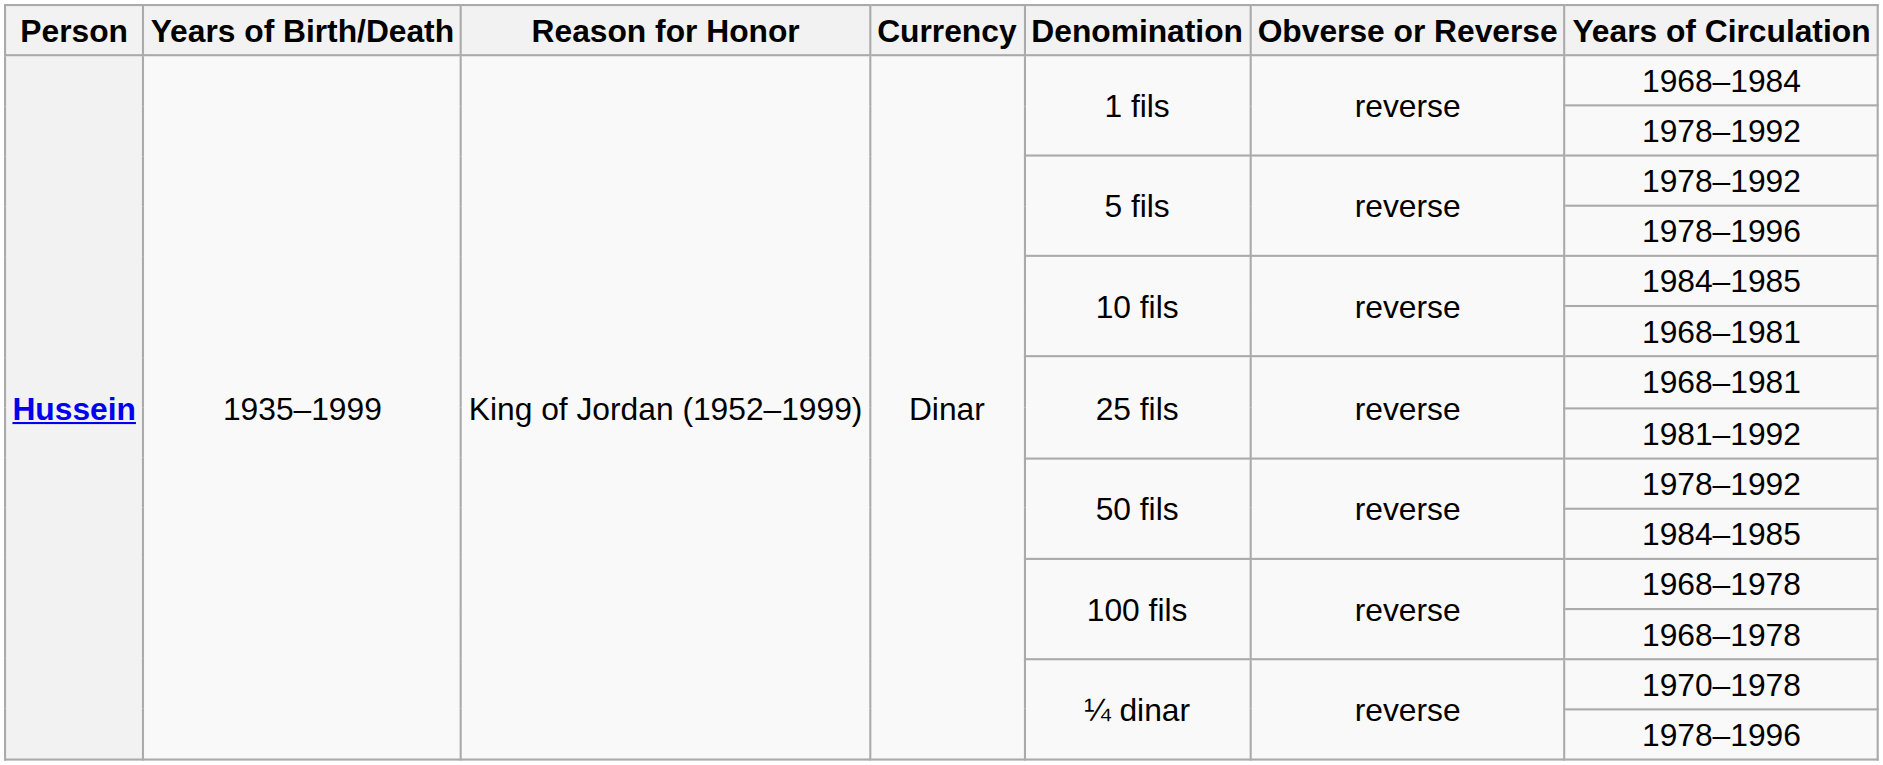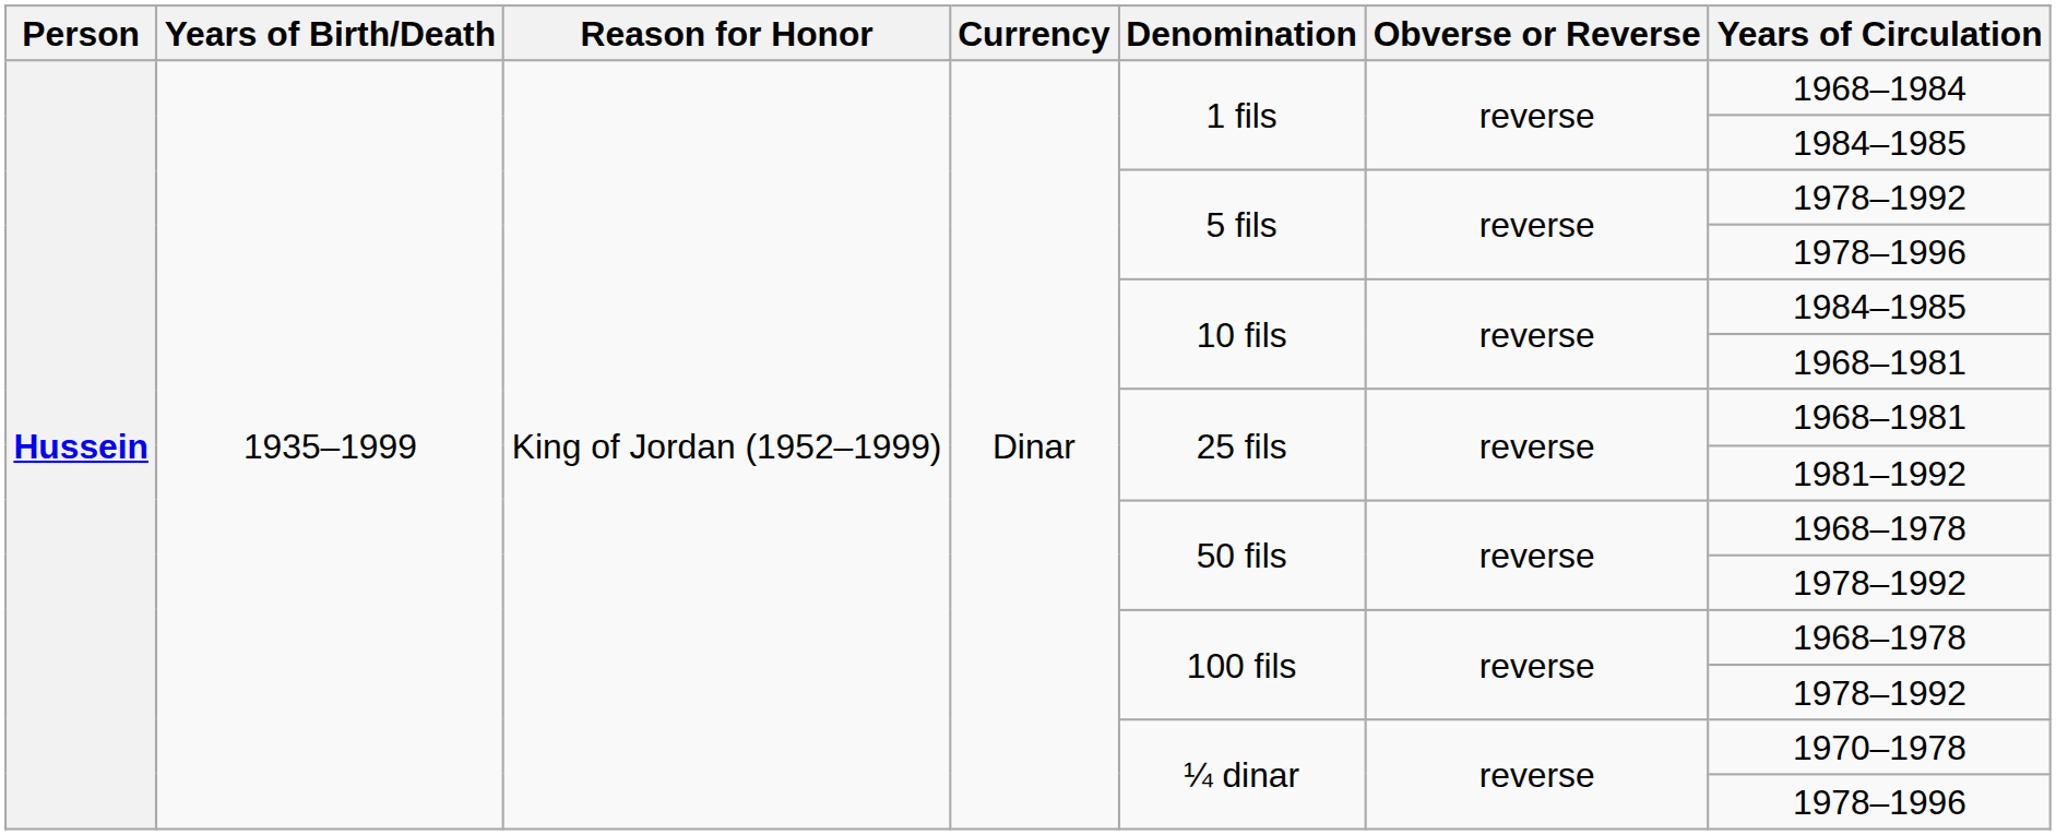 <table class="wikitable" style="font-size:95%; text-align:center;">
 <tr>
 <th>Person</th>
 <th>Years of Birth/Death</th>
 <th>Reason for Honor</th>
 <th>Currency</th>
 <th>Denomination</th>
 <th>Obverse or Reverse</th>
 <th>Years of Circulation</th>
 </tr>
 <tr>
 <th rowspan="14"><a href='#'>Hussein</a></th>
 <td rowspan="14">1935–1999</td>
 <td rowspan="14">King of Jordan (1952–1999)</td>
 <td rowspan="14">Dinar</td>
 <td rowspan="2">1 fils</td>
 <td rowspan="2">reverse</td>
 <td>1968–1984</td>
 </tr>
 <tr>
-<td>1978–1992</td>
+<td>1984–1985</td>
 </tr>
 <tr>
 <td rowspan="2">5 fils</td>
 <td rowspan="2">reverse</td>
 <td>1978–1992</td>
 </tr>
 <tr>
 <td>1978–1996</td>
 </tr>
 <tr>
 <td rowspan="2">10 fils</td>
 <td rowspan="2">reverse</td>
 <td>1984–1985</td>
 </tr>
 <tr>
 <td>1968–1981</td>
 </tr>
 <tr>
 <td rowspan="2">25 fils</td>
 <td rowspan="2">reverse</td>
 <td>1968–1981</td>
 </tr>
 <tr>
 <td>1981–1992</td>
 </tr>
 <tr>
 <td rowspan="2">50 fils</td>
 <td rowspan="2">reverse</td>
-<td>1978–1992</td>
+<td>1968–1978</td>
 </tr>
 <tr>
-<td>1984–1985</td>
+<td>1978–1992</td>
 </tr>
 <tr>
 <td rowspan="2">100 fils</td>
 <td rowspan="2">reverse</td>
 <td>1968–1978</td>
 </tr>
 <tr>
-<td>1968–1978</td>
+<td>1978–1992</td>
 </tr>
 <tr>
 <td rowspan="2">¼ dinar</td>
 <td rowspan="2">reverse</td>
 <td>1970–1978</td>
 </tr>
 <tr>
 <td>1978–1996</td>
 </tr>
 </table>
